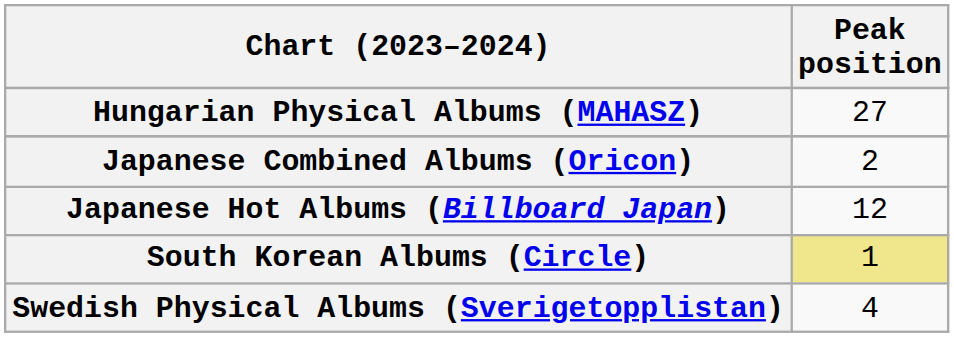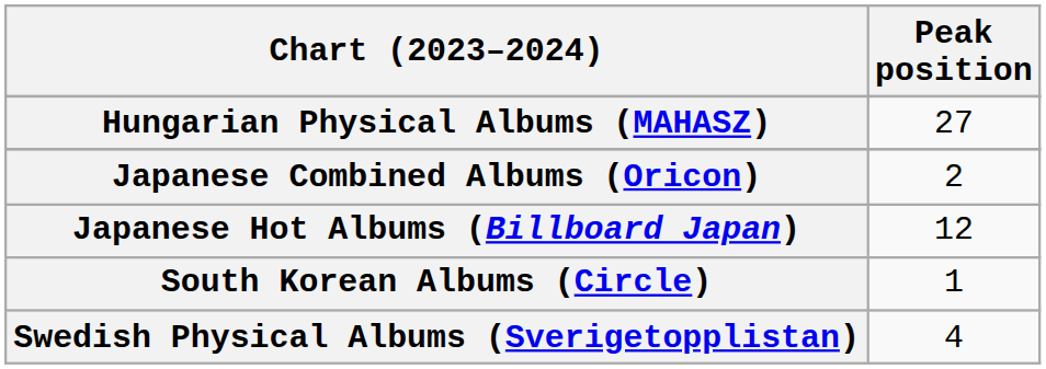 <table class="wikitable plainrowheaders sortable" style="text-align:center">
 <tr>
 <th scope="col">Chart (2023–2024)</th>
 <th scope="col">Peak<br>position</th>
 </tr>
 <tr>
 </tr>
 <tr>
 <th scope="row">Hungarian Physical Albums (<a href='#'>MAHASZ</a>)</th>
 <td>27</td>
 </tr>
 <tr>
 </tr>
 <tr>
 <th scope="row">Japanese Combined Albums (<a href='#'>Oricon</a>)</th>
 <td>2</td>
 </tr>
 <tr>
 <th scope="row">Japanese Hot Albums (<em><a href='#'>Billboard Japan</a></em>)</th>
 <td>12</td>
 </tr>
 <tr>
 <th scope="row">South Korean Albums (<a href='#'>Circle</a>)</th>
-<td style="background: khaki;">1</td>
+<td>1</td>
 </tr>
 <tr>
 <th scope="row">Swedish Physical Albums (<a href='#'>Sverigetopplistan</a>)</th>
 <td>4</td>
 </tr>
 </table>
